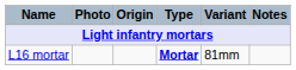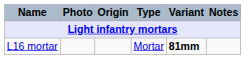 <table class="wikitable">
 <tr>
 <th style="text-align:center; background:#aabccc;">Name</th>
 <th style="text-align:center; background:#aabccc;">Photo</th>
 <th style="text-align: center; background:#aabccc;">Origin</th>
 <th style="text-align:l center! ; background:#aabccc;">Type</th>
 <th style="text-align:l center; background:#aabccc;">Variant</th>
 <th style="text-align: center; background:#aabccc;">Notes</th>
 </tr>
 <tr>
 <th style="align: center; background: lavender;" colspan="6"><a href='#'>Light infantry mortars</a></th>
 </tr>
 <tr>
 <td><a href='#'> L16 mortar</a></td>
 <td></td>
 <td></td>
-<td><strong><a href='#'>Mortar</a></strong></td>
-<td>81mm</td>
+<td><a href='#'>Mortar</a></td>
+<td><strong>81mm</strong></td>
 <td></td>
 </tr>
 </table>
